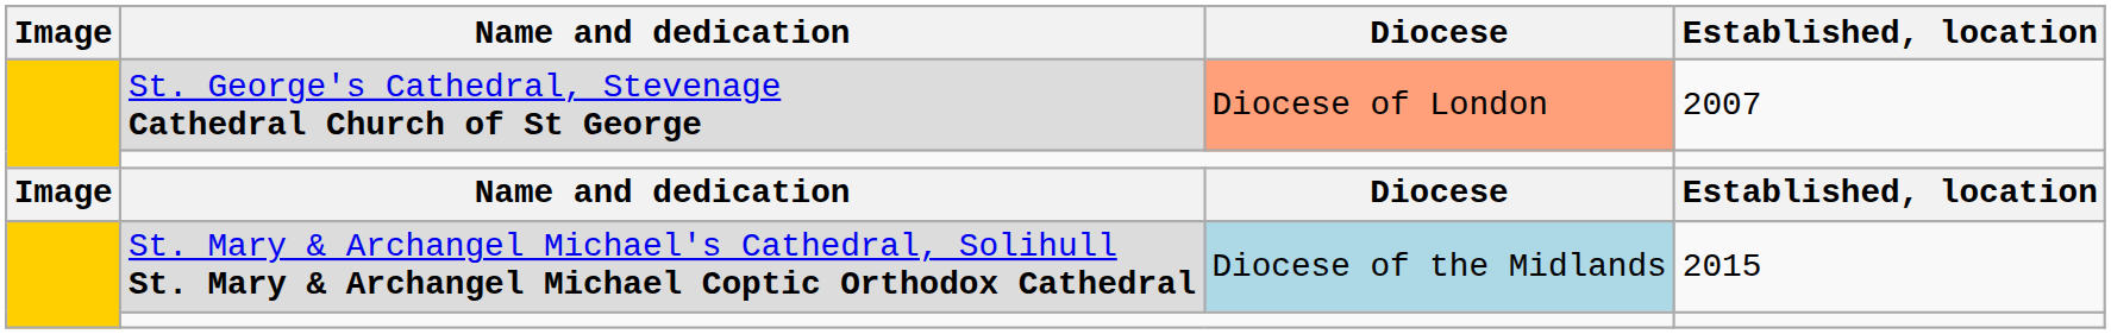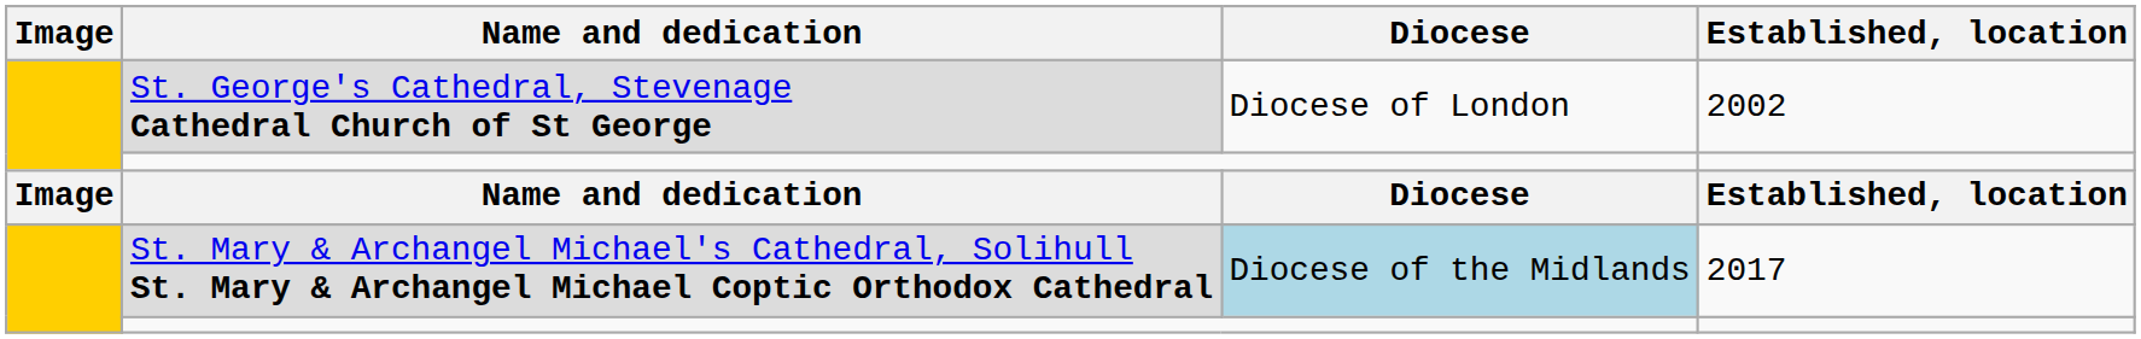 <table class="wikitable">
 <tr>
 <th>Image</th>
 <th>Name and dedication</th>
 <th>Diocese</th>
 <th>Established, location</th>
 </tr>
 <tr>
 <td rowspan="2" bgcolor="#FFCF00" align="center"></td>
 <td bgcolor="Gainsboro"><a href='#'>St. George's Cathedral, Stevenage</a><br><strong>Cathedral Church of St George</strong></td>
-<td style="background: lightsalmon;">Diocese of London</td>
-<td>2007</td>
+<td>Diocese of London</td>
+<td>2002</td>
 </tr>
 <tr>
 <td colspan="2"></td>
 <td></td>
 </tr>
 <tr>
 <th>Image</th>
 <th>Name and dedication</th>
 <th>Diocese</th>
 <th>Established, location</th>
 </tr>
 <tr>
 <td rowspan="2" bgcolor="#FFCF00" align="center"></td>
 <td bgcolor="Gainsboro"><a href='#'>St. Mary & Archangel Michael's Cathedral, Solihull</a><br><strong>St. Mary & Archangel Michael Coptic Orthodox Cathedral</strong></td>
 <td style="background: lightblue;">Diocese of the Midlands</td>
-<td>2015</td>
+<td>2017</td>
 </tr>
 <tr>
 <td colspan="2"></td>
 <td></td>
 </tr>
 </table>
